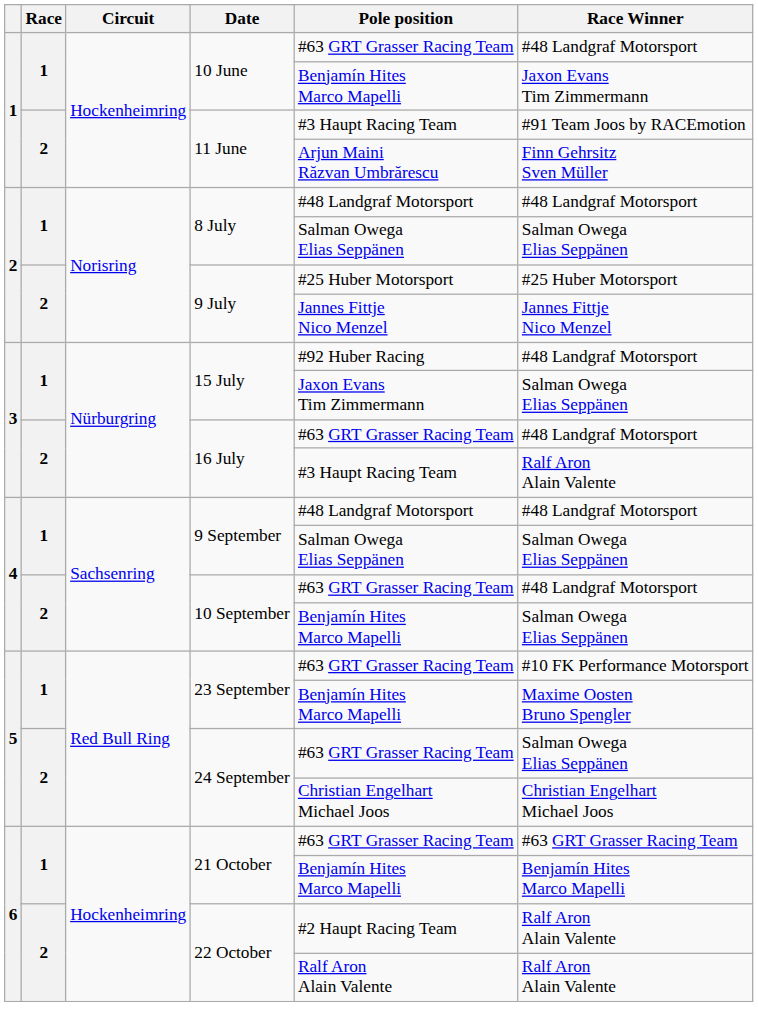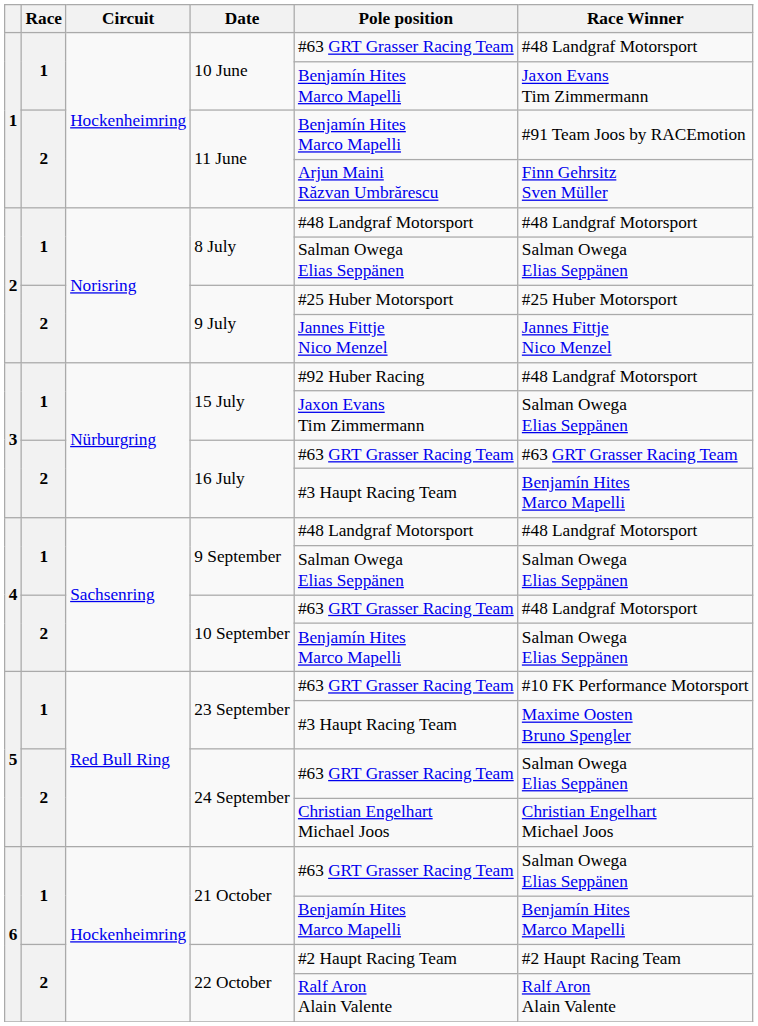 <table class="wikitable" style="font-size: 85%;">
 <tr>
 <th></th>
 <th>Race</th>
 <th>Circuit</th>
 <th>Date</th>
 <th>Pole position</th>
 <th>Race Winner</th>
 </tr>
 <tr>
 <th rowspan="4">1</th>
 <th rowspan="2">1</th>
 <td rowspan="4"> <a href='#'>Hockenheimring</a></td>
 <td rowspan="2">10 June</td>
 <td> #63 <a href='#'>GRT Grasser Racing Team</a></td>
 <td> #48 Landgraf Motorsport</td>
 </tr>
 <tr>
 <td> <a href='#'>Benjamín Hites</a><br> <a href='#'>Marco Mapelli</a></td>
 <td> <a href='#'>Jaxon Evans</a><br> Tim Zimmermann</td>
 </tr>
 <tr>
 <th rowspan="2">2</th>
 <td rowspan="2">11 June</td>
-<td> #3 Haupt Racing Team</td>
+<td> <a href='#'>Benjamín Hites</a><br> <a href='#'>Marco Mapelli</a></td>
 <td> #91 Team Joos by RACEmotion</td>
 </tr>
 <tr>
 <td> <a href='#'>Arjun Maini</a><br> <a href='#'>Răzvan Umbrărescu</a></td>
 <td> <a href='#'>Finn Gehrsitz</a><br> <a href='#'>Sven Müller</a></td>
 </tr>
 <tr>
 <th rowspan="4">2</th>
 <th rowspan="2">1</th>
 <td rowspan="4"> <a href='#'>Norisring</a></td>
 <td rowspan="2">8 July</td>
 <td> #48 Landgraf Motorsport</td>
 <td> #48 Landgraf Motorsport</td>
 </tr>
 <tr>
 <td> Salman Owega<br> <a href='#'>Elias Seppänen</a></td>
 <td> Salman Owega<br> <a href='#'>Elias Seppänen</a></td>
 </tr>
 <tr>
 <th rowspan="2">2</th>
 <td rowspan="2">9 July</td>
 <td> #25 Huber Motorsport</td>
 <td> #25 Huber Motorsport</td>
 </tr>
 <tr>
 <td> <a href='#'>Jannes Fittje</a><br> <a href='#'>Nico Menzel</a></td>
 <td> <a href='#'>Jannes Fittje</a><br> <a href='#'>Nico Menzel</a></td>
 </tr>
 <tr>
 <th rowspan="4">3</th>
 <th rowspan="2">1</th>
 <td rowspan="4"> <a href='#'>Nürburgring</a></td>
 <td rowspan="2">15 July</td>
 <td> #92 Huber Racing</td>
 <td> #48 Landgraf Motorsport</td>
 </tr>
 <tr>
 <td> <a href='#'>Jaxon Evans</a><br> Tim Zimmermann</td>
 <td> Salman Owega<br> <a href='#'>Elias Seppänen</a></td>
 </tr>
 <tr>
 <th rowspan="2">2</th>
 <td rowspan="2">16 July</td>
 <td> #63 <a href='#'>GRT Grasser Racing Team</a></td>
-<td> #48 Landgraf Motorsport</td>
+<td> #63 <a href='#'>GRT Grasser Racing Team</a></td>
 </tr>
 <tr>
 <td> #3 Haupt Racing Team</td>
-<td> <a href='#'>Ralf Aron</a><br> Alain Valente</td>
+<td> <a href='#'>Benjamín Hites</a><br> <a href='#'>Marco Mapelli</a></td>
 </tr>
 <tr>
 <th rowspan="4">4</th>
 <th rowspan="2">1</th>
 <td rowspan="4"> <a href='#'>Sachsenring</a></td>
 <td rowspan="2">9 September</td>
 <td> #48 Landgraf Motorsport</td>
 <td> #48 Landgraf Motorsport</td>
 </tr>
 <tr>
 <td> Salman Owega<br> <a href='#'>Elias Seppänen</a></td>
 <td> Salman Owega<br> <a href='#'>Elias Seppänen</a></td>
 </tr>
 <tr>
 <th rowspan="2">2</th>
 <td rowspan="2">10 September</td>
 <td> #63 <a href='#'>GRT Grasser Racing Team</a></td>
 <td> #48 Landgraf Motorsport</td>
 </tr>
 <tr>
 <td> <a href='#'>Benjamín Hites</a><br> <a href='#'>Marco Mapelli</a></td>
 <td> Salman Owega<br> <a href='#'>Elias Seppänen</a></td>
 </tr>
 <tr>
 <th rowspan="4">5</th>
 <th rowspan="2">1</th>
 <td rowspan="4"> <a href='#'>Red Bull Ring</a></td>
 <td rowspan="2">23 September</td>
 <td> #63 <a href='#'>GRT Grasser Racing Team</a></td>
 <td> #10 FK Performance Motorsport</td>
 </tr>
 <tr>
-<td> <a href='#'>Benjamín Hites</a><br> <a href='#'>Marco Mapelli</a></td>
+<td> #3 Haupt Racing Team</td>
 <td> <a href='#'>Maxime Oosten</a><br> <a href='#'>Bruno Spengler</a></td>
 </tr>
 <tr>
 <th rowspan="2">2</th>
 <td rowspan="2">24 September</td>
 <td> #63 <a href='#'>GRT Grasser Racing Team</a></td>
 <td> Salman Owega<br> <a href='#'>Elias Seppänen</a></td>
 </tr>
 <tr>
 <td> <a href='#'>Christian Engelhart</a><br> Michael Joos</td>
 <td> <a href='#'>Christian Engelhart</a><br> Michael Joos</td>
 </tr>
 <tr>
 <th rowspan="4">6</th>
 <th rowspan="2">1</th>
 <td rowspan="4"> <a href='#'>Hockenheimring</a></td>
 <td rowspan="2">21 October</td>
 <td> #63 <a href='#'>GRT Grasser Racing Team</a></td>
-<td> #63 <a href='#'>GRT Grasser Racing Team</a></td>
+<td> Salman Owega<br> <a href='#'>Elias Seppänen</a></td>
 </tr>
 <tr>
 <td> <a href='#'>Benjamín Hites</a><br> <a href='#'>Marco Mapelli</a></td>
 <td> <a href='#'>Benjamín Hites</a><br> <a href='#'>Marco Mapelli</a></td>
 </tr>
 <tr>
 <th rowspan="2">2</th>
 <td rowspan="2">22 October</td>
 <td> #2 Haupt Racing Team</td>
-<td> <a href='#'>Ralf Aron</a><br> Alain Valente</td>
+<td> #2 Haupt Racing Team</td>
 </tr>
 <tr>
 <td> <a href='#'>Ralf Aron</a><br> Alain Valente</td>
 <td> <a href='#'>Ralf Aron</a><br> Alain Valente</td>
 </tr>
 </table>
